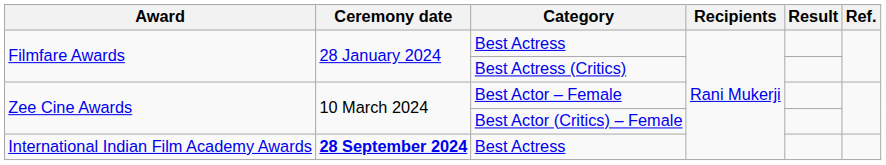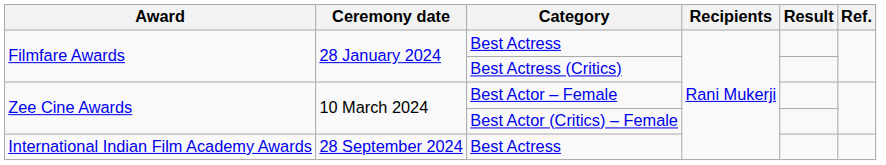 <table class="wikitable">
 <tr>
 <th>Award</th>
 <th>Ceremony date</th>
 <th>Category</th>
 <th>Recipients</th>
 <th>Result</th>
 <th>Ref.</th>
 </tr>
 <tr>
 <td rowspan="2"><a href='#'>Filmfare Awards</a></td>
 <td rowspan="2"><a href='#'>28 January 2024</a></td>
 <td><a href='#'>Best Actress</a></td>
 <td rowspan="5"><a href='#'>Rani Mukerji</a></td>
 <td></td>
 <td rowspan="2"></td>
 </tr>
 <tr>
 <td><a href='#'>Best Actress (Critics)</a></td>
 <td></td>
 </tr>
 <tr>
 <td rowspan="2"><a href='#'>Zee Cine Awards</a></td>
 <td rowspan="2">10 March 2024</td>
 <td><a href='#'>Best Actor – Female</a></td>
 <td></td>
 <td rowspan="2"></td>
 </tr>
 <tr>
 <td><a href='#'>Best Actor (Critics) – Female</a></td>
 <td></td>
 </tr>
 <tr>
 <td><a href='#'>International Indian Film Academy Awards</a></td>
-<td><strong><a href='#'>28 September 2024</a></strong></td>
+<td><a href='#'>28 September 2024</a></td>
 <td><a href='#'>Best Actress</a></td>
 <td></td>
 <td><br></td>
 </tr>
 </table>
